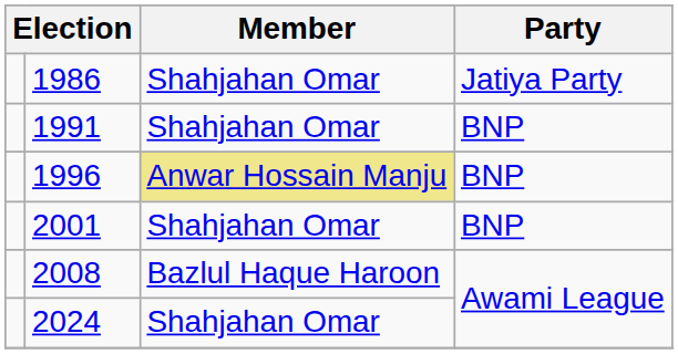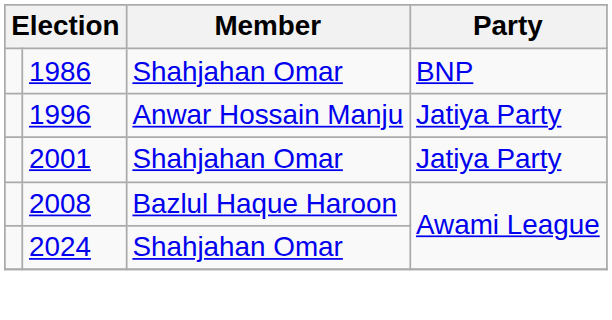 <table class="wikitable">
 <tr>
 <th colspan="2">Election</th>
 <th>Member</th>
 <th>Party</th>
 </tr>
 <tr>
 <td style="background-color:"></td>
 <td><a href='#'>1986</a></td>
 <td><a href='#'>Shahjahan Omar</a></td>
-<td><a href='#'>Jatiya Party</a></td>
-</tr>
-<tr>
-<td style="background-color:"></td>
-<td><a href='#'>1991</a></td>
-<td><a href='#'>Shahjahan Omar</a></td>
 <td><a href='#'>BNP</a></td>
 </tr>
 <tr>
 <td style="background-color:"></td>
 <td><a href='#'>1996</a></td>
-<td style="background: khaki;"><a href='#'>Anwar Hossain Manju</a></td>
-<td><a href='#'>BNP</a></td>
+<td><a href='#'>Anwar Hossain Manju</a></td>
+<td><a href='#'>Jatiya Party</a></td>
 </tr>
 <tr>
 <td style="background-color:"></td>
 <td><a href='#'>2001</a></td>
 <td><a href='#'>Shahjahan Omar</a></td>
-<td><a href='#'>BNP</a></td>
+<td><a href='#'>Jatiya Party</a></td>
 </tr>
 <tr>
 <td style="background-color:"></td>
 <td><a href='#'>2008</a></td>
 <td><a href='#'>Bazlul Haque Haroon</a></td>
 <td rowspan="2"><a href='#'>Awami League</a></td>
 </tr>
 <tr>
 <td style="background-color:"></td>
 <td><a href='#'>2024</a></td>
 <td><a href='#'>Shahjahan Omar</a></td>
 </tr>
 <tr>
 </tr>
 </table>
